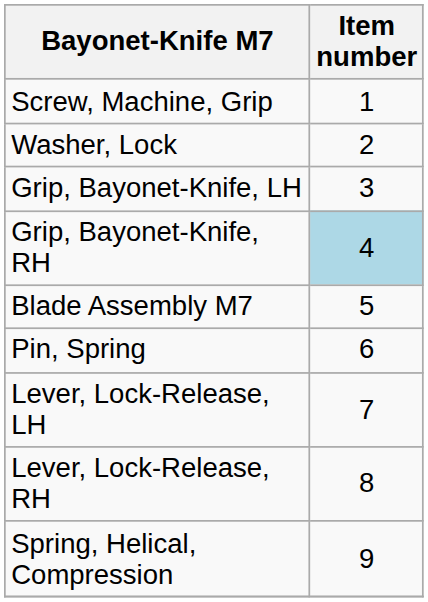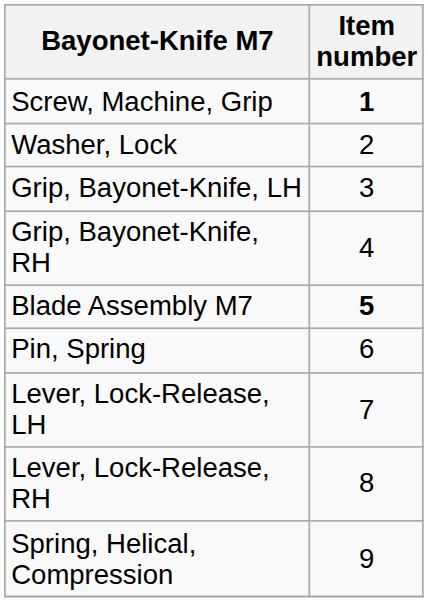 <table class="wikitable">
 <tr>
 <th width="170">Bayonet-Knife M7</th>
 <th width="50">Item number</th>
 </tr>
 <tr>
 <td>Screw, Machine, Grip</td>
-<td align="center">1</td>
+<td align="center"><strong>1</strong></td>
 </tr>
 <tr>
 <td>Washer, Lock</td>
 <td align="center">2</td>
 </tr>
 <tr>
 <td>Grip, Bayonet-Knife, LH</td>
 <td align="center">3</td>
 </tr>
 <tr>
 <td>Grip, Bayonet-Knife, RH</td>
-<td align="center" style="background: lightblue;">4</td>
+<td align="center">4</td>
 </tr>
 <tr>
 <td>Blade Assembly M7</td>
-<td align="center">5</td>
+<td align="center"><strong>5</strong></td>
 </tr>
 <tr>
 <td>Pin, Spring</td>
 <td align="center">6</td>
 </tr>
 <tr>
 <td>Lever, Lock-Release, LH</td>
 <td align="center">7</td>
 </tr>
 <tr>
 <td>Lever, Lock-Release, RH</td>
 <td align="center">8</td>
 </tr>
 <tr>
 <td>Spring, Helical, Compression</td>
 <td align="center">9</td>
 </tr>
 <tr>
 </tr>
 </table>
